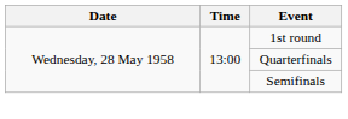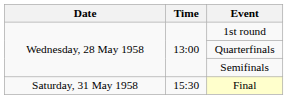 <table class = "wikitable" style="text-align:center;">
 <tr>
 <th width=220>Date</th>
 <th width=50>Time</th>
 <th width=100>Event</th>
 </tr>
 <tr>
 <td rowspan=3>Wednesday, 28 May 1958</td>
 <td rowspan=3>13:00</td>
 <td>1st round</td>
 </tr>
 <tr>
 <td>Quarterfinals</td>
 </tr>
 <tr>
 <td>Semifinals</td>
 </tr>
+<tr>
+<td>Saturday, 31 May 1958</td>
+<td>15:30</td>
+<td bgcolor=ffffcc>Final</td>
+</tr>
 </table>
